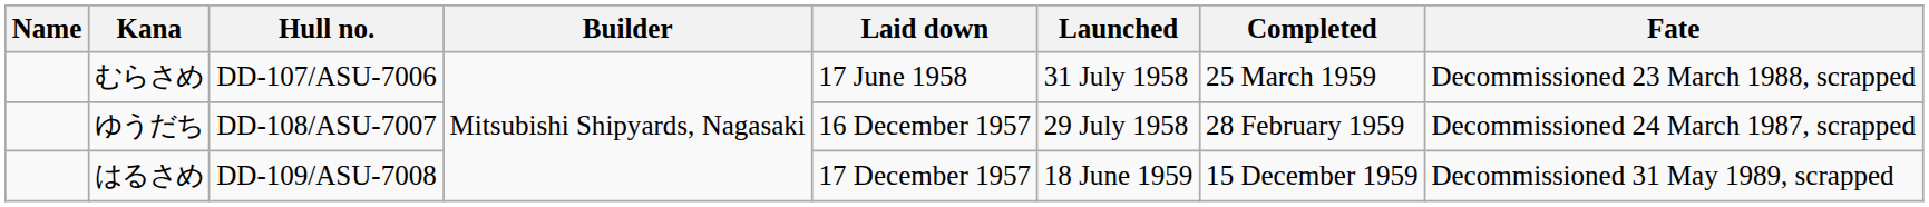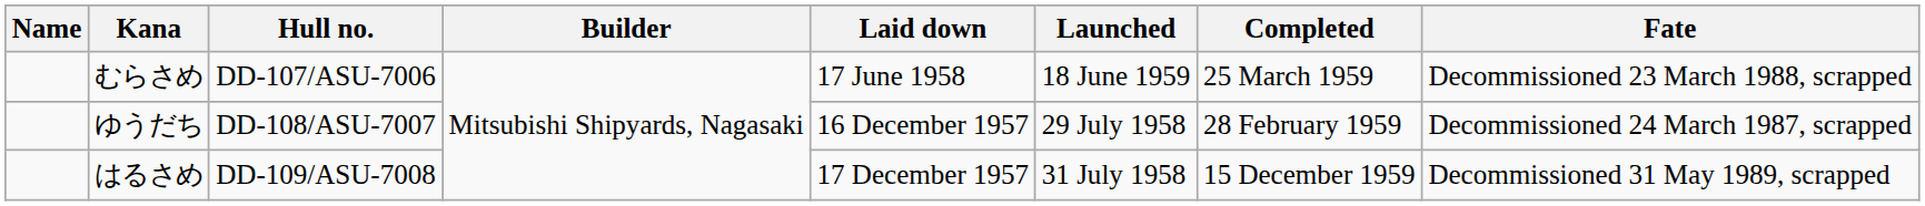 <table class="wikitable" style="font-size:90%;">
 <tr>
 <th>Name</th>
 <th>Kana</th>
 <th>Hull no.</th>
 <th>Builder</th>
 <th>Laid down</th>
 <th>Launched</th>
 <th>Completed</th>
 <th>Fate</th>
 </tr>
 <tr>
 <td></td>
 <td>むらさめ</td>
 <td>DD-107/ASU-7006</td>
 <td rowspan="3">Mitsubishi Shipyards, Nagasaki</td>
 <td>17 June 1958</td>
-<td>31 July 1958</td>
+<td>18 June 1959</td>
 <td>25 March 1959</td>
 <td>Decommissioned 23 March 1988, scrapped</td>
 </tr>
 <tr>
 <td></td>
 <td>ゆうだち</td>
 <td>DD-108/ASU-7007</td>
 <td>16 December 1957</td>
 <td>29 July 1958</td>
 <td>28 February 1959</td>
 <td>Decommissioned 24 March 1987, scrapped</td>
 </tr>
 <tr>
 <td></td>
 <td>はるさめ</td>
 <td>DD-109/ASU-7008</td>
 <td>17 December 1957</td>
-<td>18 June 1959</td>
+<td>31 July 1958</td>
 <td>15 December 1959</td>
 <td>Decommissioned 31 May 1989, scrapped</td>
 </tr>
 </table>
